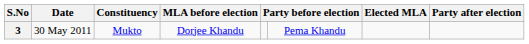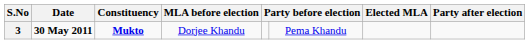 <table class="wikitable sortable" style="text-align:center;">
 <tr>
 <th>S.No</th>
 <th>Date</th>
 <th>Constituency</th>
 <th>MLA before election</th>
 <th colspan="2">Party before election</th>
 <th>Elected MLA</th>
 <th colspan="2">Party after election</th>
 </tr>
 <tr>
 <th>3</th>
-<td>30 May 2011</td>
-<td><a href='#'>Mukto</a></td>
+<td><strong>30 May 2011</strong></td>
+<td><strong><a href='#'>Mukto</a></strong></td>
 <td><a href='#'>Dorjee Khandu</a></td>
 <td></td>
 <td><a href='#'>Pema Khandu</a></td>
 <td></td>
 </tr>
 </table>
